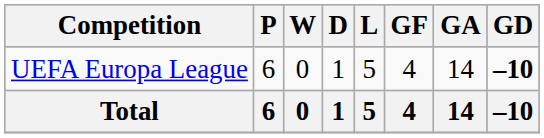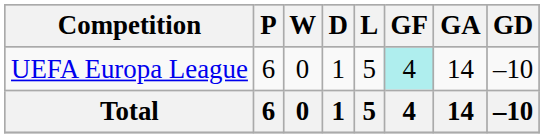 <table class="wikitable sortable" style="text-align:center">
 <tr>
 <th>Competition</th>
 <th>P</th>
 <th>W</th>
 <th>D</th>
 <th>L</th>
 <th>GF</th>
 <th>GA</th>
 <th>GD</th>
 </tr>
 <tr>
 <td><a href='#'>UEFA Europa League</a></td>
 <td>6</td>
 <td>0</td>
 <td>1</td>
 <td>5</td>
-<td>4</td>
+<td style="background: paleturquoise;">4</td>
 <td>14</td>
-<td><strong>–10</strong></td>
+<td>–10</td>
 </tr>
 <tr>
 <th><strong>Total</strong></th>
 <th><strong>6</strong></th>
 <th><strong>0</strong></th>
 <th><strong>1</strong></th>
 <th><strong>5</strong></th>
 <th><strong>4</strong></th>
 <th><strong>14</strong></th>
 <th><strong>–10</strong></th>
 </tr>
 <tr>
 </tr>
 </table>
